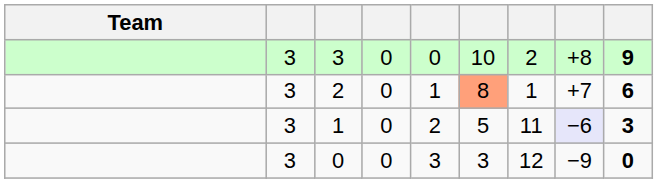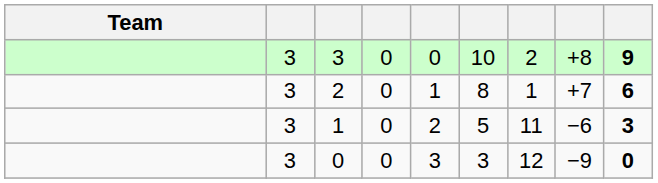 <table class="wikitable" style="text-align: center; font-size: 90%;">
 <tr>
 <th width=165>Team</th>
 <th width=25></th>
 <th width=25></th>
 <th width=25></th>
 <th width=25></th>
 <th width=25></th>
 <th width=25></th>
 <th width=25></th>
 <th width=25></th>
 </tr>
 <tr style="background:#cfc;">
 <td align="left"><em></em></td>
 <td>3</td>
 <td>3</td>
 <td>0</td>
 <td>0</td>
 <td>10</td>
 <td>2</td>
 <td>+8</td>
 <td><strong>9</strong></td>
 </tr>
 <tr>
 <td align="left"></td>
 <td>3</td>
 <td>2</td>
 <td>0</td>
 <td>1</td>
-<td style="background: lightsalmon;">8</td>
+<td>8</td>
 <td>1</td>
 <td>+7</td>
 <td><strong>6</strong></td>
 </tr>
 <tr>
 <td align="left"></td>
 <td>3</td>
 <td>1</td>
 <td>0</td>
 <td>2</td>
 <td>5</td>
 <td>11</td>
-<td style="background: lavender;">−6</td>
+<td>−6</td>
 <td><strong>3</strong></td>
 </tr>
 <tr>
 <td align="left"></td>
 <td>3</td>
 <td>0</td>
 <td>0</td>
 <td>3</td>
 <td>3</td>
 <td>12</td>
 <td>−9</td>
 <td><strong>0</strong></td>
 </tr>
 </table>
